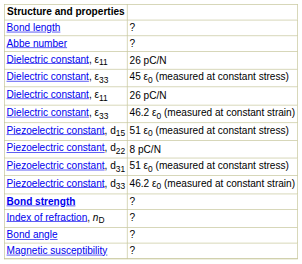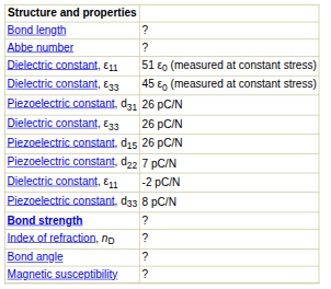 <table border="1" cellspacing="0" cellpadding="3" style="margin: 0 0 0 0.5em; background: #FFFFFF; border-collapse: collapse; border-color: #C0C090;">
 <tr>
 <th>Structure and properties</th>
 </tr>
 <tr>
 <td><a href='#'>Bond length</a></td>
 <td>? </td>
 </tr>
 <tr>
 <td><a href='#'>Abbe number</a></td>
 <td>? </td>
 </tr>
 <tr>
 <td><a href='#'>Dielectric constant</a>, ε<sub>11</sub></td>
-<td>26 pC/N </td>
+<td>51  ε<sub>0</sub> (measured at constant stress) </td>
 </tr>
 <tr>
 <td><a href='#'>Dielectric constant</a>, ε<sub>33</sub></td>
 <td>45  ε<sub>0</sub> (measured at constant stress) </td>
 </tr>
 <tr>
-<td><a href='#'>Dielectric constant</a>, ε<sub>11</sub></td>
+<td><a href='#'>Piezoelectric constant</a>, d<sub>31</sub></td>
 <td>26 pC/N </td>
 </tr>
 <tr>
 <td><a href='#'>Dielectric constant</a>, ε<sub>33</sub></td>
-<td>46.2  ε<sub>0</sub> (measured at constant strain) </td>
+<td>26 pC/N </td>
 </tr>
 <tr>
 <td><a href='#'>Piezoelectric constant</a>, d<sub>15</sub></td>
-<td>51  ε<sub>0</sub> (measured at constant stress) </td>
+<td>26 pC/N </td>
 </tr>
 <tr>
 <td><a href='#'>Piezoelectric constant</a>, d<sub>22</sub></td>
-<td>8 pC/N </td>
+<td>7 pC/N </td>
 </tr>
 <tr>
-<td><a href='#'>Piezoelectric constant</a>, d<sub>31</sub></td>
-<td>51  ε<sub>0</sub> (measured at constant stress) </td>
+<td><a href='#'>Dielectric constant</a>, ε<sub>11</sub></td>
+<td>-2 pC/N </td>
 </tr>
 <tr>
 <td><a href='#'>Piezoelectric constant</a>, d<sub>33</sub></td>
-<td>46.2  ε<sub>0</sub> (measured at constant strain) </td>
+<td>8 pC/N </td>
 </tr>
 <tr>
 <td><strong><a href='#'>Bond strength</a></strong></td>
 <td>? </td>
 </tr>
 <tr>
 <td><a href='#'>Index of refraction</a>, <em>n</em><sub>D</sub></td>
 <td>? </td>
 </tr>
 <tr>
 <td><a href='#'>Bond angle</a></td>
 <td>? </td>
 </tr>
 <tr>
 <td><a href='#'>Magnetic susceptibility</a></td>
 <td>? </td>
 </tr>
 <tr>
 </tr>
 </table>
